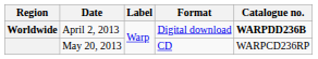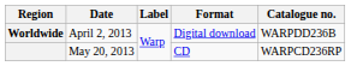 <table class="wikitable plainrowheaders">
 <tr>
 <th scope="col">Region</th>
 <th scope="col">Date</th>
 <th scope="col">Label</th>
 <th scope="col">Format</th>
 <th scope="col">Catalogue no.</th>
 </tr>
 <tr>
 <th scope="row">Worldwide</th>
 <td>April 2, 2013</td>
 <td rowspan="2"><a href='#'>Warp</a></td>
 <td><a href='#'>Digital download</a></td>
-<td><strong>WARPDD236B</strong></td>
+<td>WARPDD236B</td>
 </tr>
 <tr>
 <th scope="row"></th>
 <td>May 20, 2013</td>
 <td><a href='#'>CD</a></td>
 <td>WARPCD236RP</td>
 </tr>
 </table>
